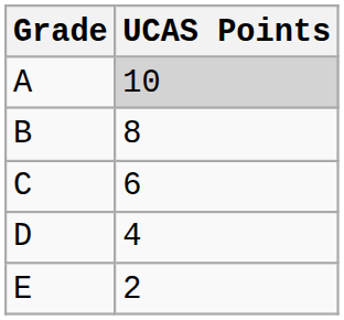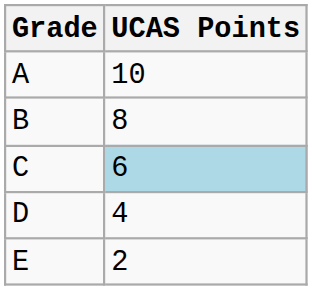 <table class="wikitable">
 <tr>
 <th>Grade</th>
 <th>UCAS Points</th>
 </tr>
 <tr>
 <td>A</td>
-<td style="background: lightgrey;">10</td>
+<td>10</td>
 </tr>
 <tr>
 <td>B</td>
 <td>8</td>
 </tr>
 <tr>
 <td>C</td>
-<td>6</td>
+<td style="background: lightblue;">6</td>
 </tr>
 <tr>
 <td>D</td>
 <td>4</td>
 </tr>
 <tr>
 <td>E</td>
 <td>2</td>
 </tr>
 </table>
